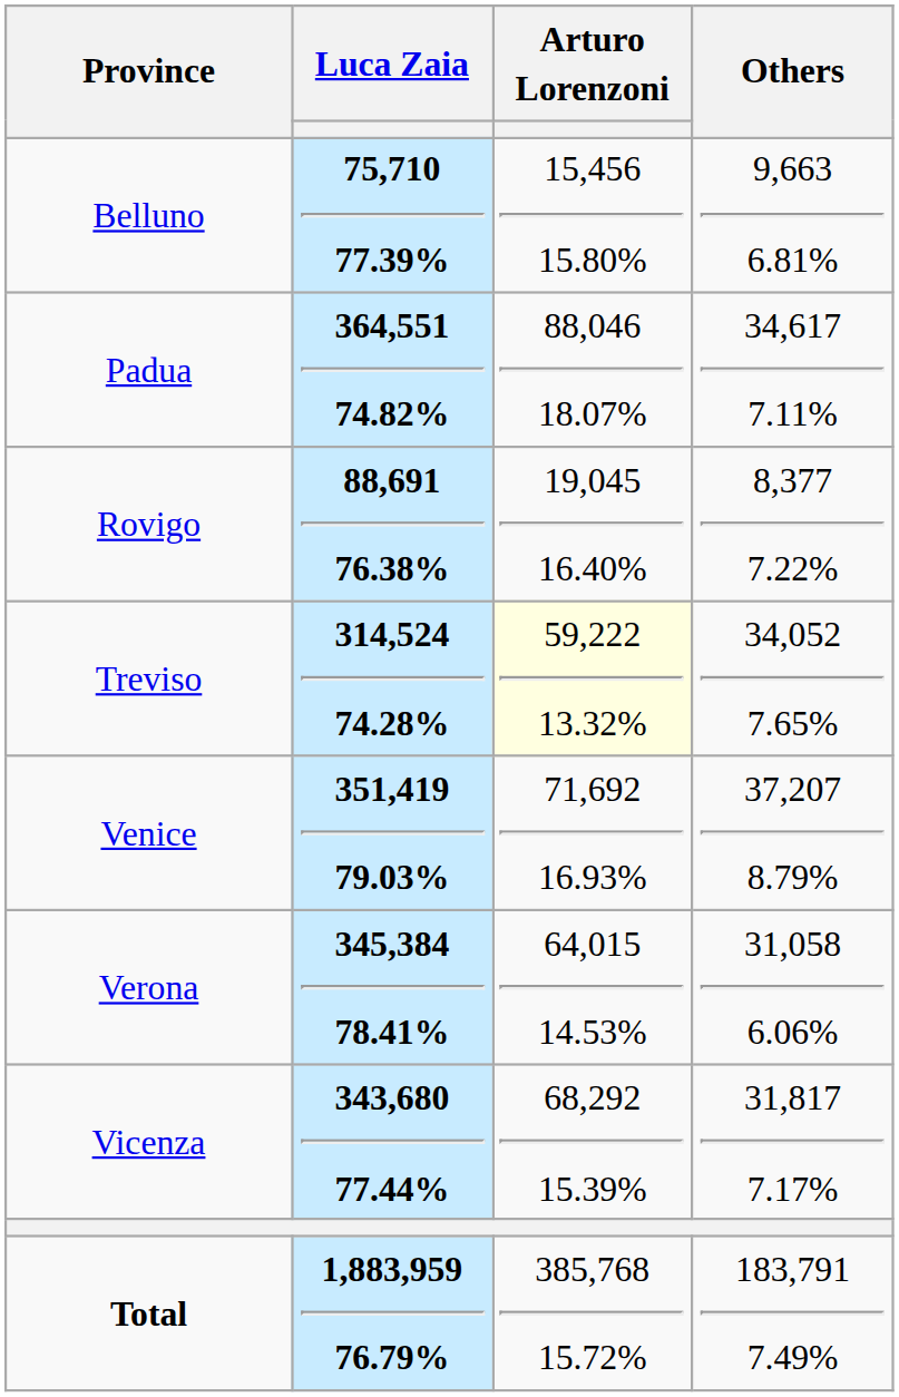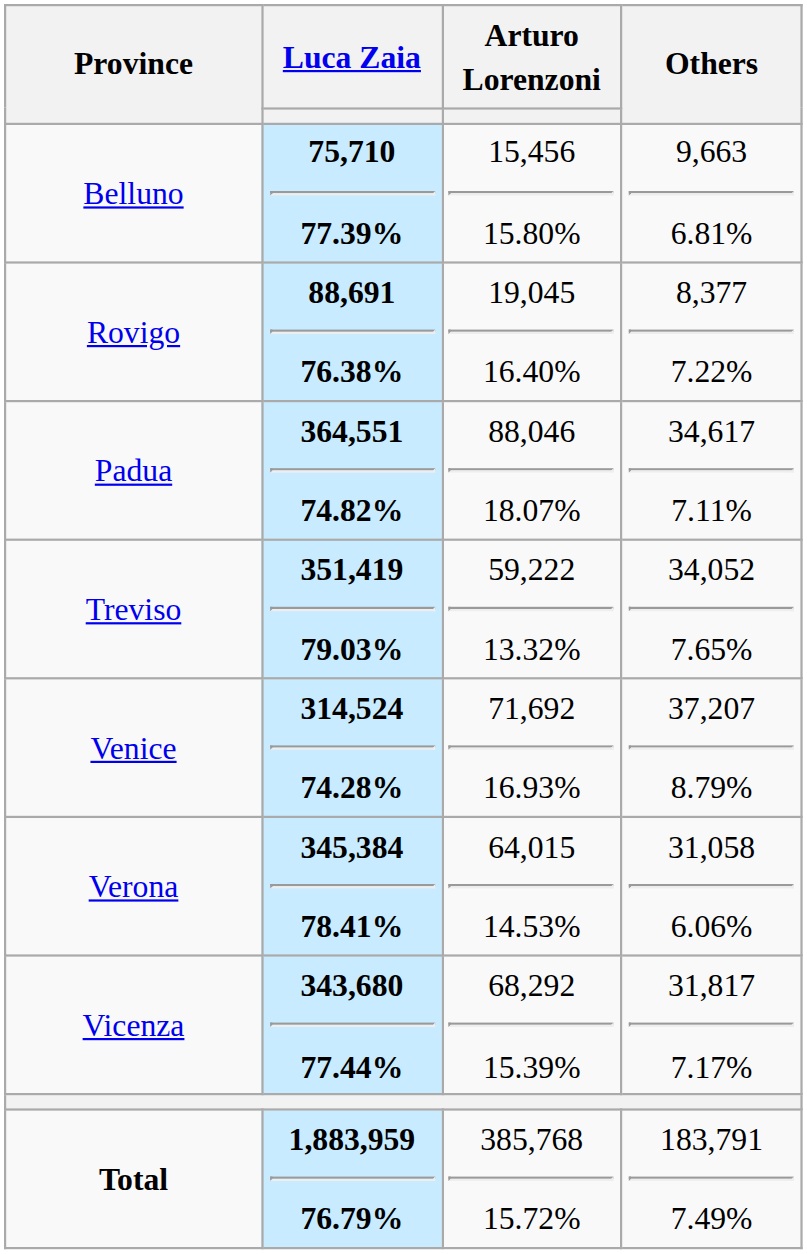 <table class="wikitable" style="text-align:center;font-size:90%;line-height:20px">
 <tr style="height:30px; background-color:#E9E9E9">
 <th style="width:110px;" rowspan="2">Province</th>
 <th style="width:75px;"><a href='#'>Luca Zaia</a></th>
 <th style="width:75px;">Arturo Lorenzoni</th>
 <th rowspan="2" style="width:75px;">Others</th>
 </tr>
 <tr>
 <th style="background:"></th>
 <th style="background:"></th>
 </tr>
 <tr>
 <td><a href='#'>Belluno</a></td>
 <td style="background:#C8EBFF"><strong>75,710 <hr>77.39%</strong></td>
 <td>15,456 <hr>15.80%</td>
 <td>9,663 <hr>6.81%</td>
 </tr>
 <tr>
+<td><a href='#'>Rovigo</a></td>
+<td style="background:#C8EBFF"><strong>88,691 <hr>76.38%</strong></td>
+<td>19,045 <hr>16.40%</td>
+<td>8,377 <hr>7.22%</td>
+</tr>
+<tr>
 <td><a href='#'>Padua</a></td>
 <td style="background:#C8EBFF"><strong>364,551 <hr>74.82%</strong></td>
 <td>88,046 <hr>18.07%</td>
 <td>34,617 <hr>7.11%</td>
 </tr>
 <tr>
-<td><a href='#'>Rovigo</a></td>
-<td style="background:#C8EBFF"><strong>88,691 <hr>76.38%</strong></td>
-<td>19,045 <hr>16.40%</td>
-<td>8,377 <hr>7.22%</td>
-</tr>
-<tr>
 <td><a href='#'>Treviso</a></td>
-<td style="background:#C8EBFF"><strong>314,524<hr>74.28%</strong></td>
-<td style="background: lightyellow;">59,222 <hr>13.32%</td>
+<td style="background:#C8EBFF"><strong>351,419 <hr>79.03%</strong></td>
+<td>59,222 <hr>13.32%</td>
 <td>34,052 <hr>7.65%</td>
 </tr>
 <tr>
 <td><a href='#'>Venice</a></td>
-<td style="background:#C8EBFF"><strong>351,419 <hr>79.03%</strong></td>
+<td style="background:#C8EBFF"><strong>314,524<hr>74.28%</strong></td>
 <td>71,692 <hr>16.93%</td>
 <td>37,207 <hr>8.79%</td>
 </tr>
 <tr>
 <td><a href='#'>Verona</a></td>
 <td style="background:#C8EBFF"><strong>345,384<hr>78.41%</strong></td>
 <td>64,015 <hr>14.53%</td>
 <td>31,058 <hr>6.06%</td>
 </tr>
 <tr>
 <td><a href='#'>Vicenza</a></td>
 <td style="background:#C8EBFF"><strong>343,680<hr>77.44%</strong></td>
 <td>68,292 <hr>15.39%</td>
 <td>31,817 <hr>7.17%</td>
 </tr>
 <tr>
 <th colspan=4></th>
 </tr>
 <tr>
 <td><strong>Total</strong></td>
 <td style="background:#C8EBFF"><strong>1,883,959<hr>76.79%</strong></td>
 <td>385,768 <hr>15.72%</td>
 <td>183,791 <hr>7.49%</td>
 </tr>
 </table>
